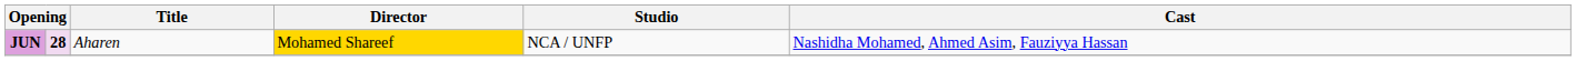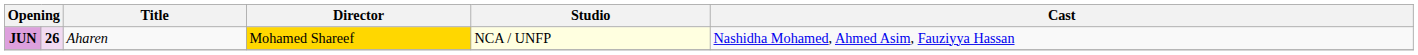 <table class="wikitable plainrowheaders" width="100%">
 <tr>
 <th scope="col" colspan="2" width=4%>Opening</th>
 <th scope="col" width=13%>Title</th>
 <th scope="col" width=16%>Director</th>
 <th scope="col" width=17%>Studio</th>
 <th scope="col" width=50%>Cast</th>
 </tr>
 <tr>
 <td style="text-align:center; background:plum; textcolor:#000;"><strong>JUN</strong></td>
-<td style="text-align:center; background:#f1daf1;"><strong>28</strong></td>
+<td style="text-align:center; background:#f1daf1;"><strong>26</strong></td>
 <td><em>Aharen</em></td>
 <td style="background: gold;">Mohamed Shareef</td>
-<td>NCA / UNFP</td>
+<td style="background: lightyellow;">NCA / UNFP</td>
 <td><a href='#'>Nashidha Mohamed</a>, <a href='#'>Ahmed Asim</a>, <a href='#'>Fauziyya Hassan</a></td>
 </tr>
 <tr>
 </tr>
 </table>
